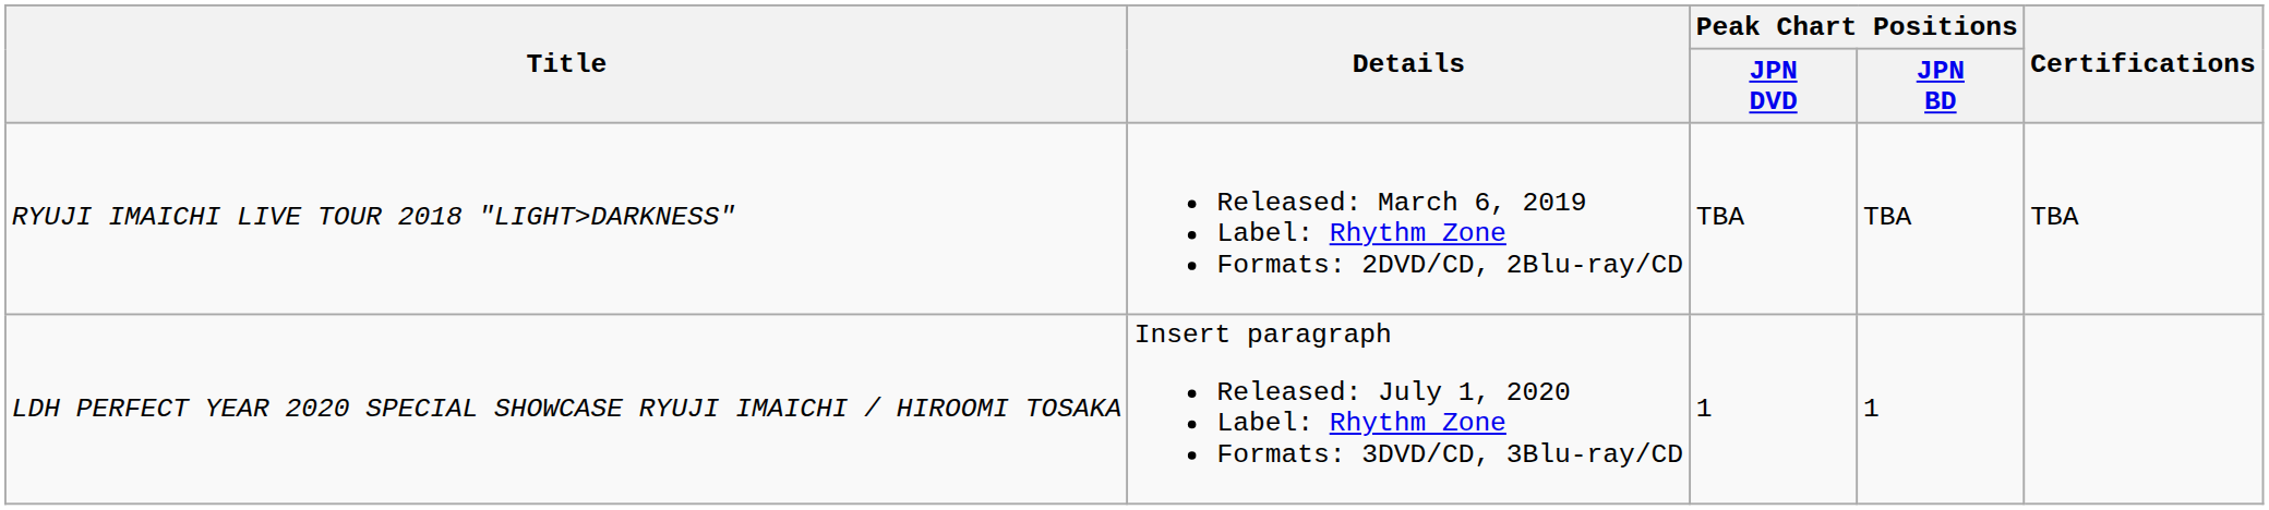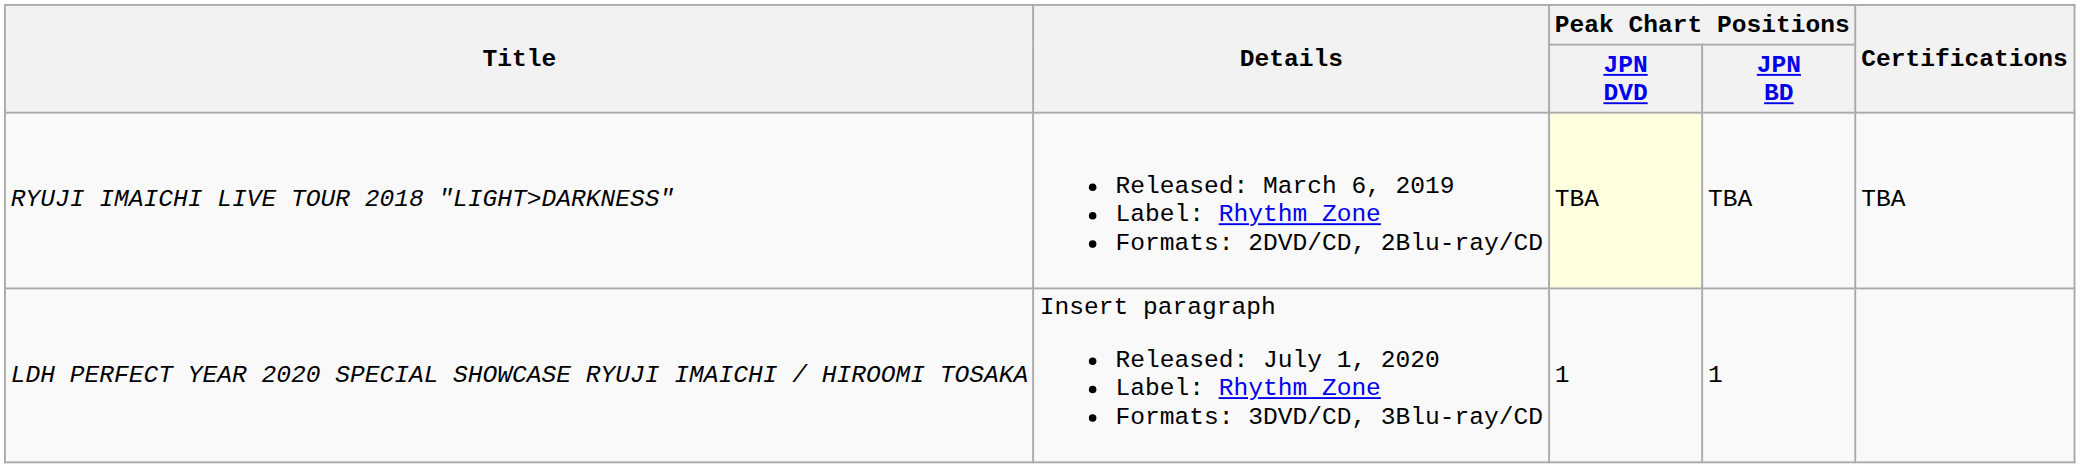 <table class="wikitable">
 <tr>
 <th rowspan="2">Title</th>
 <th rowspan="2">Details</th>
 <th colspan="2">Peak Chart Positions</th>
 <th rowspan="2">Certifications</th>
 </tr>
 <tr>
 <th><a href='#'>JPN</a><br><a href='#'>DVD</a></th>
 <th><a href='#'>JPN</a><br><a href='#'>BD</a></th>
 </tr>
 <tr>
 <td><em>RYUJI IMAICHI LIVE TOUR 2018 "LIGHT>DARKNESS"</em></td>
 <td><br><ul><li>Released: March 6, 2019</li><li>Label: <a href='#'>Rhythm Zone</a></li><li>Formats: 2DVD/CD, 2Blu-ray/CD</li></ul></td>
-<td>TBA</td>
+<td style="background: lightyellow;">TBA</td>
 <td>TBA</td>
 <td>TBA</td>
 </tr>
 <tr>
 <td><em>LDH PERFECT YEAR 2020 SPECIAL SHOWCASE RYUJI IMAICHI / HIROOMI TOSAKA</em></td>
 <td>Insert paragraph<br><ul><li>Released: July 1, 2020</li><li>Label: <a href='#'>Rhythm Zone</a></li><li>Formats: 3DVD/CD, 3Blu-ray/CD</li></ul></td>
 <td>1</td>
 <td>1</td>
 <td></td>
 </tr>
 </table>
